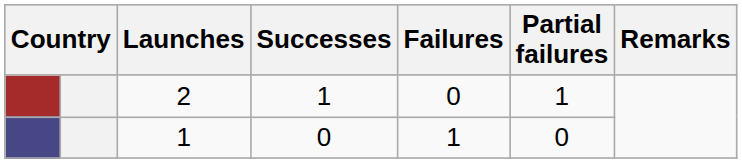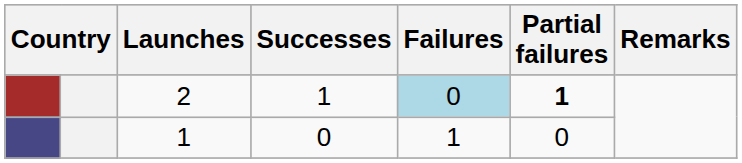 <table class="wikitable" style="text-align:center;">
 <tr>
 <th scope=col colspan=2>Country</th>
 <th scope=col>Launches</th>
 <th scope=col>Successes</th>
 <th scope=col>Failures</th>
 <th scope=col>Partial<br>failures</th>
 <th scope=col>Remarks</th>
 </tr>
 <tr>
 <th scope=row style="background:#a52a2a;"></th>
 <th style="text-align:left;"></th>
 <td>2</td>
 <td>1</td>
-<td>0</td>
-<td>1</td>
+<td style="background: lightblue;">0</td>
+<td><strong>1</strong></td>
 </tr>
 <tr>
 <th scope=row style="background:#484785;"></th>
 <th style="text-align:left;"></th>
 <td>1</td>
 <td>0</td>
 <td>1</td>
 <td>0</td>
 </tr>
 </table>
